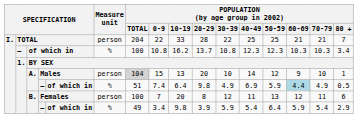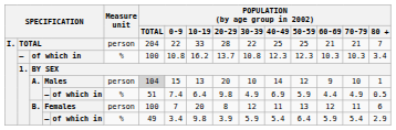 <table class="wikitable" style="font-size:85%; text-align:center">
 <tr>
 <th rowspan="2" colspan="5">SPECIFICATION</th>
 <th rowspan="2">Measure<br> unit</th>
 <th colspan="10" rowspan="1">POPULATION<br> (by age group in 2002)</th>
 </tr>
 <tr>
 <th>TOTAL</th>
 <th>0-9</th>
 <th>10-19</th>
 <th>20-29</th>
 <th>30-39</th>
 <th>40-49</th>
 <th>50-59</th>
 <th>60-69</th>
 <th>70-79</th>
 <th>80 +</th>
 </tr>
 <tr>
 <th style="text-align:left" valign="top" rowspan="7">I.</th>
 <th style="text-align:left" colspan="4">TOTAL</th>
 <td>person</td>
 <td>204</td>
 <td>22</td>
 <td>33</td>
 <td>28</td>
 <td>22</td>
 <td>25</td>
 <td>25</td>
 <td>21</td>
 <td>21</td>
 <td>7</td>
 </tr>
 <tr>
 <th style="text-align:left" valign="top">—</th>
 <th style="text-align:left" colspan="3">of which in</th>
 <td>%</td>
 <td>100</td>
 <td>10.8</td>
 <td>16.2</td>
 <td>13.7</td>
 <td>10.8</td>
 <td>12.3</td>
 <td>12.3</td>
 <td>10.3</td>
 <td>10.3</td>
 <td>3.4</td>
 </tr>
 <tr>
 <th style="text-align:left" valign="top" rowspan="5">1.</th>
 <th style="text-align:left" colspan="14">BY SEX</th>
 </tr>
 <tr>
 <th style="text-align:left" valign="top" rowspan="2">A.</th>
 <th style="text-align:left" colspan="2">Males</th>
 <td>person</td>
 <td style="background: lightgrey;">104</td>
 <td>15</td>
 <td>13</td>
 <td>20</td>
 <td>10</td>
 <td>14</td>
 <td>12</td>
 <td>9</td>
 <td>10</td>
 <td>1</td>
 </tr>
 <tr>
 <th style="text-align:left" valign="top">—</th>
 <th style="text-align:left" colspan="1">of which in</th>
 <td>%</td>
 <td>51</td>
 <td>7.4</td>
 <td>6.4</td>
 <td>9.8</td>
 <td>4.9</td>
 <td>6.9</td>
 <td>5.9</td>
-<td style="background: lightblue;">4.4</td>
+<td>4.4</td>
 <td>4.9</td>
 <td>0.5</td>
 </tr>
 <tr>
 <th style="text-align:left" valign="top" rowspan="2">B.</th>
 <th style="text-align:left" colspan="2">Females</th>
 <td>person</td>
 <td>100</td>
 <td>7</td>
 <td>20</td>
 <td>8</td>
 <td>12</td>
 <td>11</td>
 <td>13</td>
 <td>12</td>
 <td>11</td>
 <td>6</td>
 </tr>
 <tr>
 <th style="text-align:left" valign="top">—</th>
 <th style="text-align:left" colspan="1">of which in</th>
 <td>%</td>
 <td>49</td>
 <td>3.4</td>
 <td>9.8</td>
 <td>3.9</td>
 <td>5.9</td>
 <td>5.4</td>
 <td>6.4</td>
 <td>5.9</td>
 <td>5.4</td>
 <td>2.9</td>
 </tr>
 </table>
